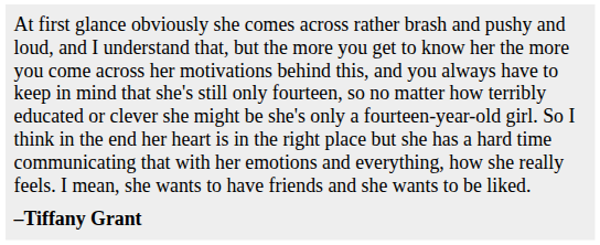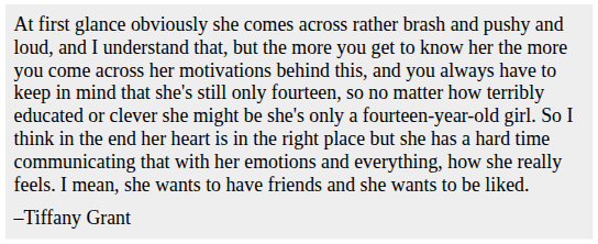 <table class="toccolours" style="float:right; margin-left:1em; margin-right:2em; font-size:85%; background:#eee; color:black; width:30em; max-width:40%;" cellspacing="5">
 <tr>
 <td style="text-align: left;">At first glance obviously she comes across rather brash and pushy and loud, and I understand that, but the more you get to know her the more you come across her motivations behind this, and you always have to keep in mind that she's still only fourteen, so no matter how terribly educated or clever she might be she's only a fourteen-year-old girl. So I think in the end her heart is in the right place but she has a hard time communicating that with her emotions and everything, how she really feels. I mean, she wants to have friends and she wants to be liked.</td>
 </tr>
 <tr>
-<td style="text-align: left;"><strong>–Tiffany Grant</strong></td>
+<td style="text-align: left;">–Tiffany Grant</td>
 </tr>
 </table>
